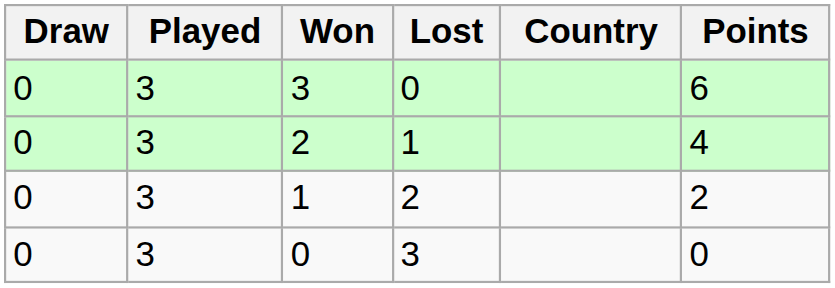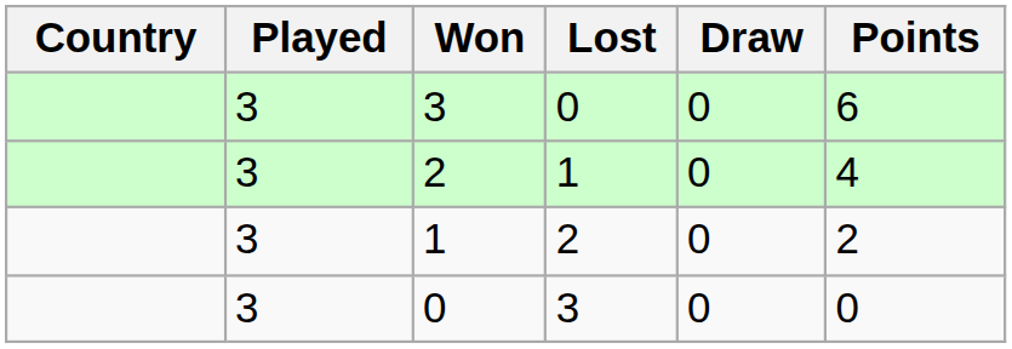 <table class="wikitable" style="width:30%;">
 <tr>
-<th>Draw</th>
+<th>Country</th>
 <th>Played</th>
 <th>Won</th>
 <th>Lost</th>
-<th>Country</th>
+<th>Draw</th>
 <th>Points</th>
 </tr>
 <tr style="background:#cfc;">
-<td>0</td>
+<td></td>
 <td>3</td>
 <td>3</td>
 <td>0</td>
-<td></td>
+<td>0</td>
 <td>6</td>
 </tr>
 <tr style="background:#cfc;">
-<td>0</td>
+<td></td>
 <td>3</td>
 <td>2</td>
 <td>1</td>
-<td></td>
+<td>0</td>
 <td>4</td>
 </tr>
 <tr>
-<td>0</td>
+<td></td>
 <td>3</td>
 <td>1</td>
 <td>2</td>
-<td></td>
+<td>0</td>
 <td>2</td>
 </tr>
 <tr>
+<td></td>
+<td>3</td>
 <td>0</td>
 <td>3</td>
 <td>0</td>
-<td>3</td>
-<td></td>
 <td>0</td>
 </tr>
 </table>
